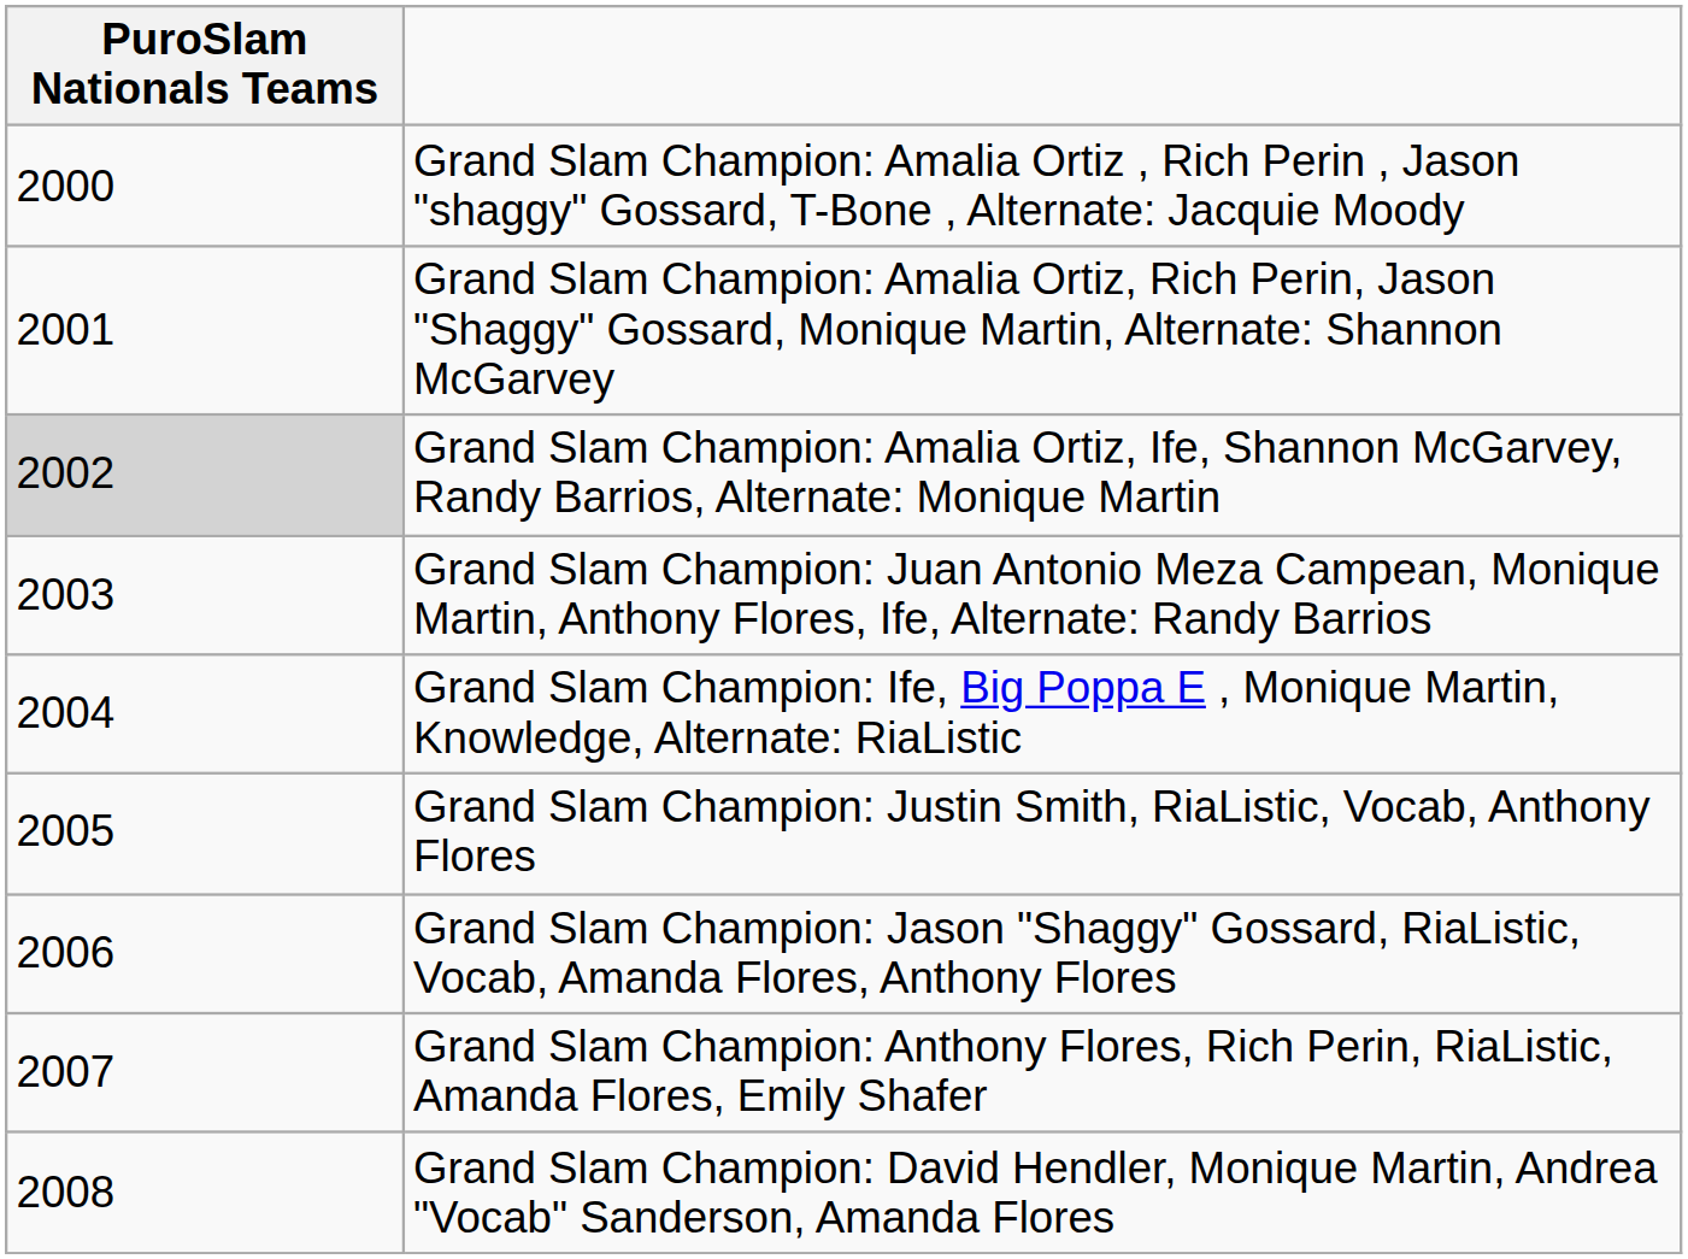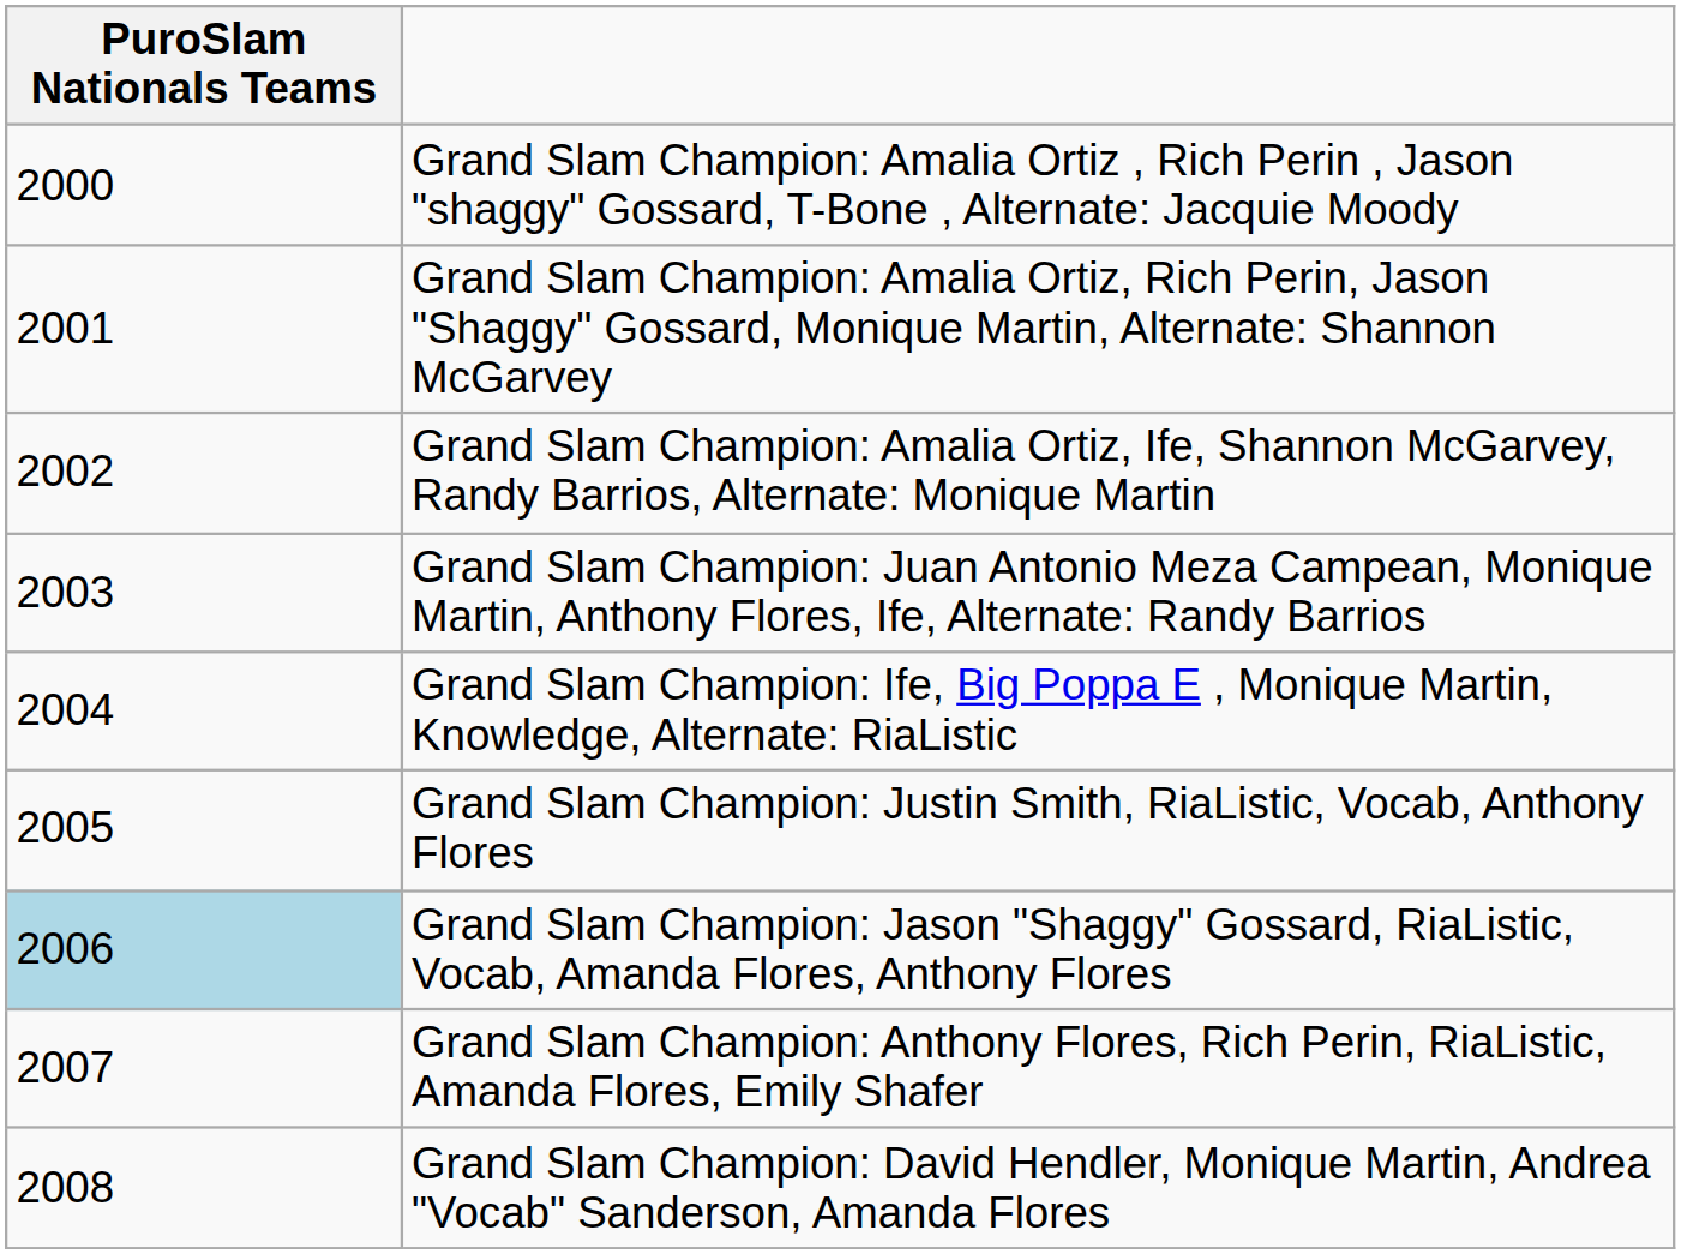 <table class="wikitable">
 <tr>
 <th>PuroSlam Nationals Teams</th>
 </tr>
 <tr>
 <td>2000</td>
 <td>Grand Slam Champion: Amalia Ortiz , Rich Perin , Jason "shaggy" Gossard, T-Bone , Alternate: Jacquie Moody</td>
 </tr>
 <tr>
 <td>2001</td>
 <td>Grand Slam Champion: Amalia Ortiz, Rich Perin, Jason "Shaggy" Gossard, Monique Martin, Alternate: Shannon McGarvey</td>
 </tr>
 <tr>
-<td style="background: lightgrey;">2002</td>
+<td>2002</td>
 <td>Grand Slam Champion: Amalia Ortiz, Ife, Shannon McGarvey, Randy Barrios, Alternate: Monique Martin</td>
 </tr>
 <tr>
 <td>2003</td>
 <td>Grand Slam Champion: Juan Antonio Meza Campean,  Monique Martin, Anthony Flores,  Ife, Alternate: Randy Barrios</td>
 </tr>
 <tr>
 <td>2004</td>
 <td>Grand Slam Champion: Ife, <a href='#'>Big Poppa E</a> , Monique Martin, Knowledge, Alternate: RiaListic</td>
 </tr>
 <tr>
 <td>2005</td>
 <td>Grand Slam Champion: Justin Smith, RiaListic, Vocab, Anthony Flores</td>
 </tr>
 <tr>
-<td>2006</td>
+<td style="background: lightblue;">2006</td>
 <td>Grand Slam Champion: Jason "Shaggy" Gossard, RiaListic, Vocab, Amanda Flores, Anthony Flores</td>
 </tr>
 <tr>
 <td>2007</td>
 <td>Grand Slam Champion: Anthony Flores, Rich Perin, RiaListic, Amanda Flores, Emily Shafer</td>
 </tr>
 <tr>
 <td>2008</td>
 <td>Grand Slam Champion: David Hendler, Monique Martin, Andrea "Vocab" Sanderson, Amanda Flores</td>
 </tr>
 </table>
